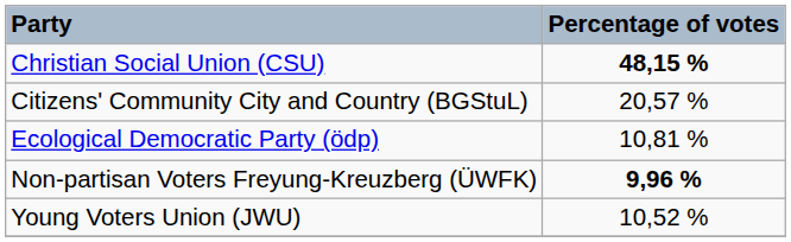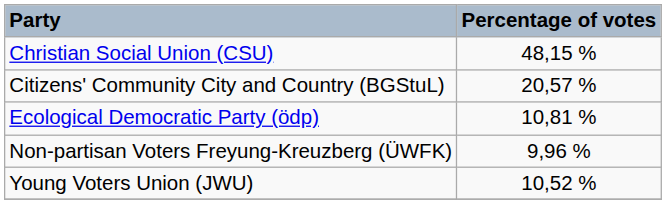 <table class="wikitable" style="text-align:left;">
 <tr style="background:#AABBCC;">
 <td><strong>Party</strong></td>
 <td><strong>Percentage of votes</strong></td>
 </tr>
 <tr>
 <td><a href='#'>Christian Social Union (CSU)</a></td>
-<td style="text-align:center;"><strong>48,15 %</strong></td>
+<td style="text-align:center;">48,15 %</td>
 </tr>
 <tr>
 <td>Citizens' Community City and Country (BGStuL)</td>
 <td style="text-align:center;">20,57 %</td>
 </tr>
 <tr>
 <td><a href='#'>Ecological Democratic Party (ödp)</a></td>
 <td style="text-align:center;">10,81 %</td>
 </tr>
 <tr>
 <td>Non-partisan Voters Freyung-Kreuzberg (ÜWFK)</td>
-<td style="text-align:center;"><strong>9,96 %</strong></td>
+<td style="text-align:center;">9,96 %</td>
 </tr>
 <tr>
 <td>Young Voters Union (JWU)</td>
 <td style="text-align:center;">10,52 %</td>
 </tr>
 <tr>
 </tr>
 </table>
